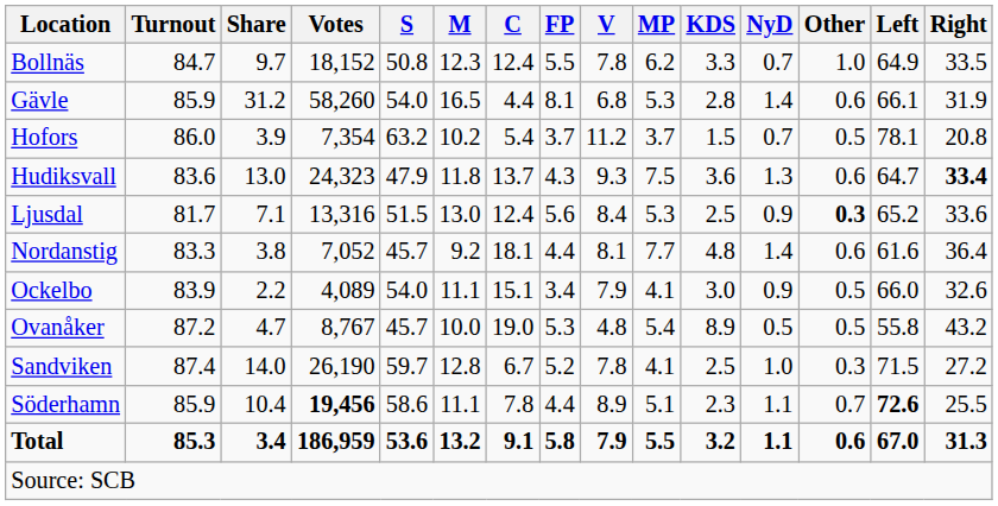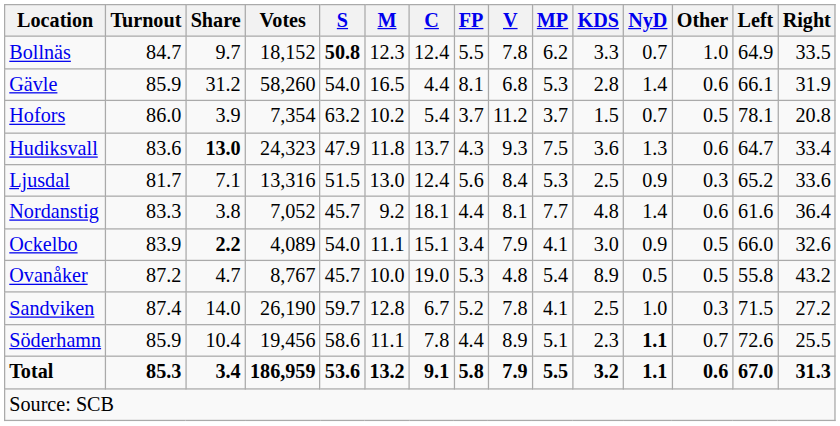 <table class="wikitable sortable" style=text-align:right>
 <tr>
 <th>Location</th>
 <th>Turnout</th>
 <th>Share</th>
 <th>Votes</th>
 <th><a href='#'>S</a></th>
 <th><a href='#'>M</a></th>
 <th><a href='#'>C</a></th>
 <th><a href='#'>FP</a></th>
 <th><a href='#'>V</a></th>
 <th><a href='#'>MP</a></th>
 <th><a href='#'>KDS</a></th>
 <th><a href='#'>NyD</a></th>
 <th>Other</th>
 <th>Left</th>
 <th>Right</th>
 </tr>
 <tr>
 <td align=left><a href='#'>Bollnäs</a></td>
 <td>84.7</td>
 <td>9.7</td>
 <td>18,152</td>
-<td>50.8</td>
+<td><strong>50.8</strong></td>
 <td>12.3</td>
 <td>12.4</td>
 <td>5.5</td>
 <td>7.8</td>
 <td>6.2</td>
 <td>3.3</td>
 <td>0.7</td>
 <td>1.0</td>
 <td>64.9</td>
 <td>33.5</td>
 </tr>
 <tr>
 <td align=left><a href='#'>Gävle</a></td>
 <td>85.9</td>
 <td>31.2</td>
 <td>58,260</td>
 <td>54.0</td>
 <td>16.5</td>
 <td>4.4</td>
 <td>8.1</td>
 <td>6.8</td>
 <td>5.3</td>
 <td>2.8</td>
 <td>1.4</td>
 <td>0.6</td>
 <td>66.1</td>
 <td>31.9</td>
 </tr>
 <tr>
 <td align=left><a href='#'>Hofors</a></td>
 <td>86.0</td>
 <td>3.9</td>
 <td>7,354</td>
 <td>63.2</td>
 <td>10.2</td>
 <td>5.4</td>
 <td>3.7</td>
 <td>11.2</td>
 <td>3.7</td>
 <td>1.5</td>
 <td>0.7</td>
 <td>0.5</td>
 <td>78.1</td>
 <td>20.8</td>
 </tr>
 <tr>
 <td align=left><a href='#'>Hudiksvall</a></td>
 <td>83.6</td>
-<td>13.0</td>
+<td><strong>13.0</strong></td>
 <td>24,323</td>
 <td>47.9</td>
 <td>11.8</td>
 <td>13.7</td>
 <td>4.3</td>
 <td>9.3</td>
 <td>7.5</td>
 <td>3.6</td>
 <td>1.3</td>
 <td>0.6</td>
 <td>64.7</td>
-<td><strong>33.4</strong></td>
+<td>33.4</td>
 </tr>
 <tr>
 <td align=left><a href='#'>Ljusdal</a></td>
 <td>81.7</td>
 <td>7.1</td>
 <td>13,316</td>
 <td>51.5</td>
 <td>13.0</td>
 <td>12.4</td>
 <td>5.6</td>
 <td>8.4</td>
 <td>5.3</td>
 <td>2.5</td>
 <td>0.9</td>
-<td><strong>0.3</strong></td>
+<td>0.3</td>
 <td>65.2</td>
 <td>33.6</td>
 </tr>
 <tr>
 <td align=left><a href='#'>Nordanstig</a></td>
 <td>83.3</td>
 <td>3.8</td>
 <td>7,052</td>
 <td>45.7</td>
 <td>9.2</td>
 <td>18.1</td>
 <td>4.4</td>
 <td>8.1</td>
 <td>7.7</td>
 <td>4.8</td>
 <td>1.4</td>
 <td>0.6</td>
 <td>61.6</td>
 <td>36.4</td>
 </tr>
 <tr>
 <td align=left><a href='#'>Ockelbo</a></td>
 <td>83.9</td>
-<td>2.2</td>
+<td><strong>2.2</strong></td>
 <td>4,089</td>
 <td>54.0</td>
 <td>11.1</td>
 <td>15.1</td>
 <td>3.4</td>
 <td>7.9</td>
 <td>4.1</td>
 <td>3.0</td>
 <td>0.9</td>
 <td>0.5</td>
 <td>66.0</td>
 <td>32.6</td>
 </tr>
 <tr>
 <td align=left><a href='#'>Ovanåker</a></td>
 <td>87.2</td>
 <td>4.7</td>
 <td>8,767</td>
 <td>45.7</td>
 <td>10.0</td>
 <td>19.0</td>
 <td>5.3</td>
 <td>4.8</td>
 <td>5.4</td>
 <td>8.9</td>
 <td>0.5</td>
 <td>0.5</td>
 <td>55.8</td>
 <td>43.2</td>
 </tr>
 <tr>
 <td align=left><a href='#'>Sandviken</a></td>
 <td>87.4</td>
 <td>14.0</td>
 <td>26,190</td>
 <td>59.7</td>
 <td>12.8</td>
 <td>6.7</td>
 <td>5.2</td>
 <td>7.8</td>
 <td>4.1</td>
 <td>2.5</td>
 <td>1.0</td>
 <td>0.3</td>
 <td>71.5</td>
 <td>27.2</td>
 </tr>
 <tr>
 <td align=left><a href='#'>Söderhamn</a></td>
 <td>85.9</td>
 <td>10.4</td>
-<td><strong>19,456</strong></td>
+<td>19,456</td>
 <td>58.6</td>
 <td>11.1</td>
 <td>7.8</td>
 <td>4.4</td>
 <td>8.9</td>
 <td>5.1</td>
 <td>2.3</td>
-<td>1.1</td>
+<td><strong>1.1</strong></td>
 <td>0.7</td>
-<td><strong>72.6</strong></td>
+<td>72.6</td>
 <td>25.5</td>
 </tr>
 <tr>
 <td align=left><strong>Total</strong></td>
 <td><strong>85.3</strong></td>
 <td><strong>3.4</strong></td>
 <td><strong>186,959</strong></td>
 <td><strong>53.6</strong></td>
 <td><strong>13.2</strong></td>
 <td><strong>9.1</strong></td>
 <td><strong>5.8</strong></td>
 <td><strong>7.9</strong></td>
 <td><strong>5.5</strong></td>
 <td><strong>3.2</strong></td>
 <td><strong>1.1</strong></td>
 <td><strong>0.6</strong></td>
 <td><strong>67.0</strong></td>
 <td><strong>31.3</strong></td>
 </tr>
 <tr>
 <td align=left colspan=15>Source: SCB </td>
 </tr>
 </table>
